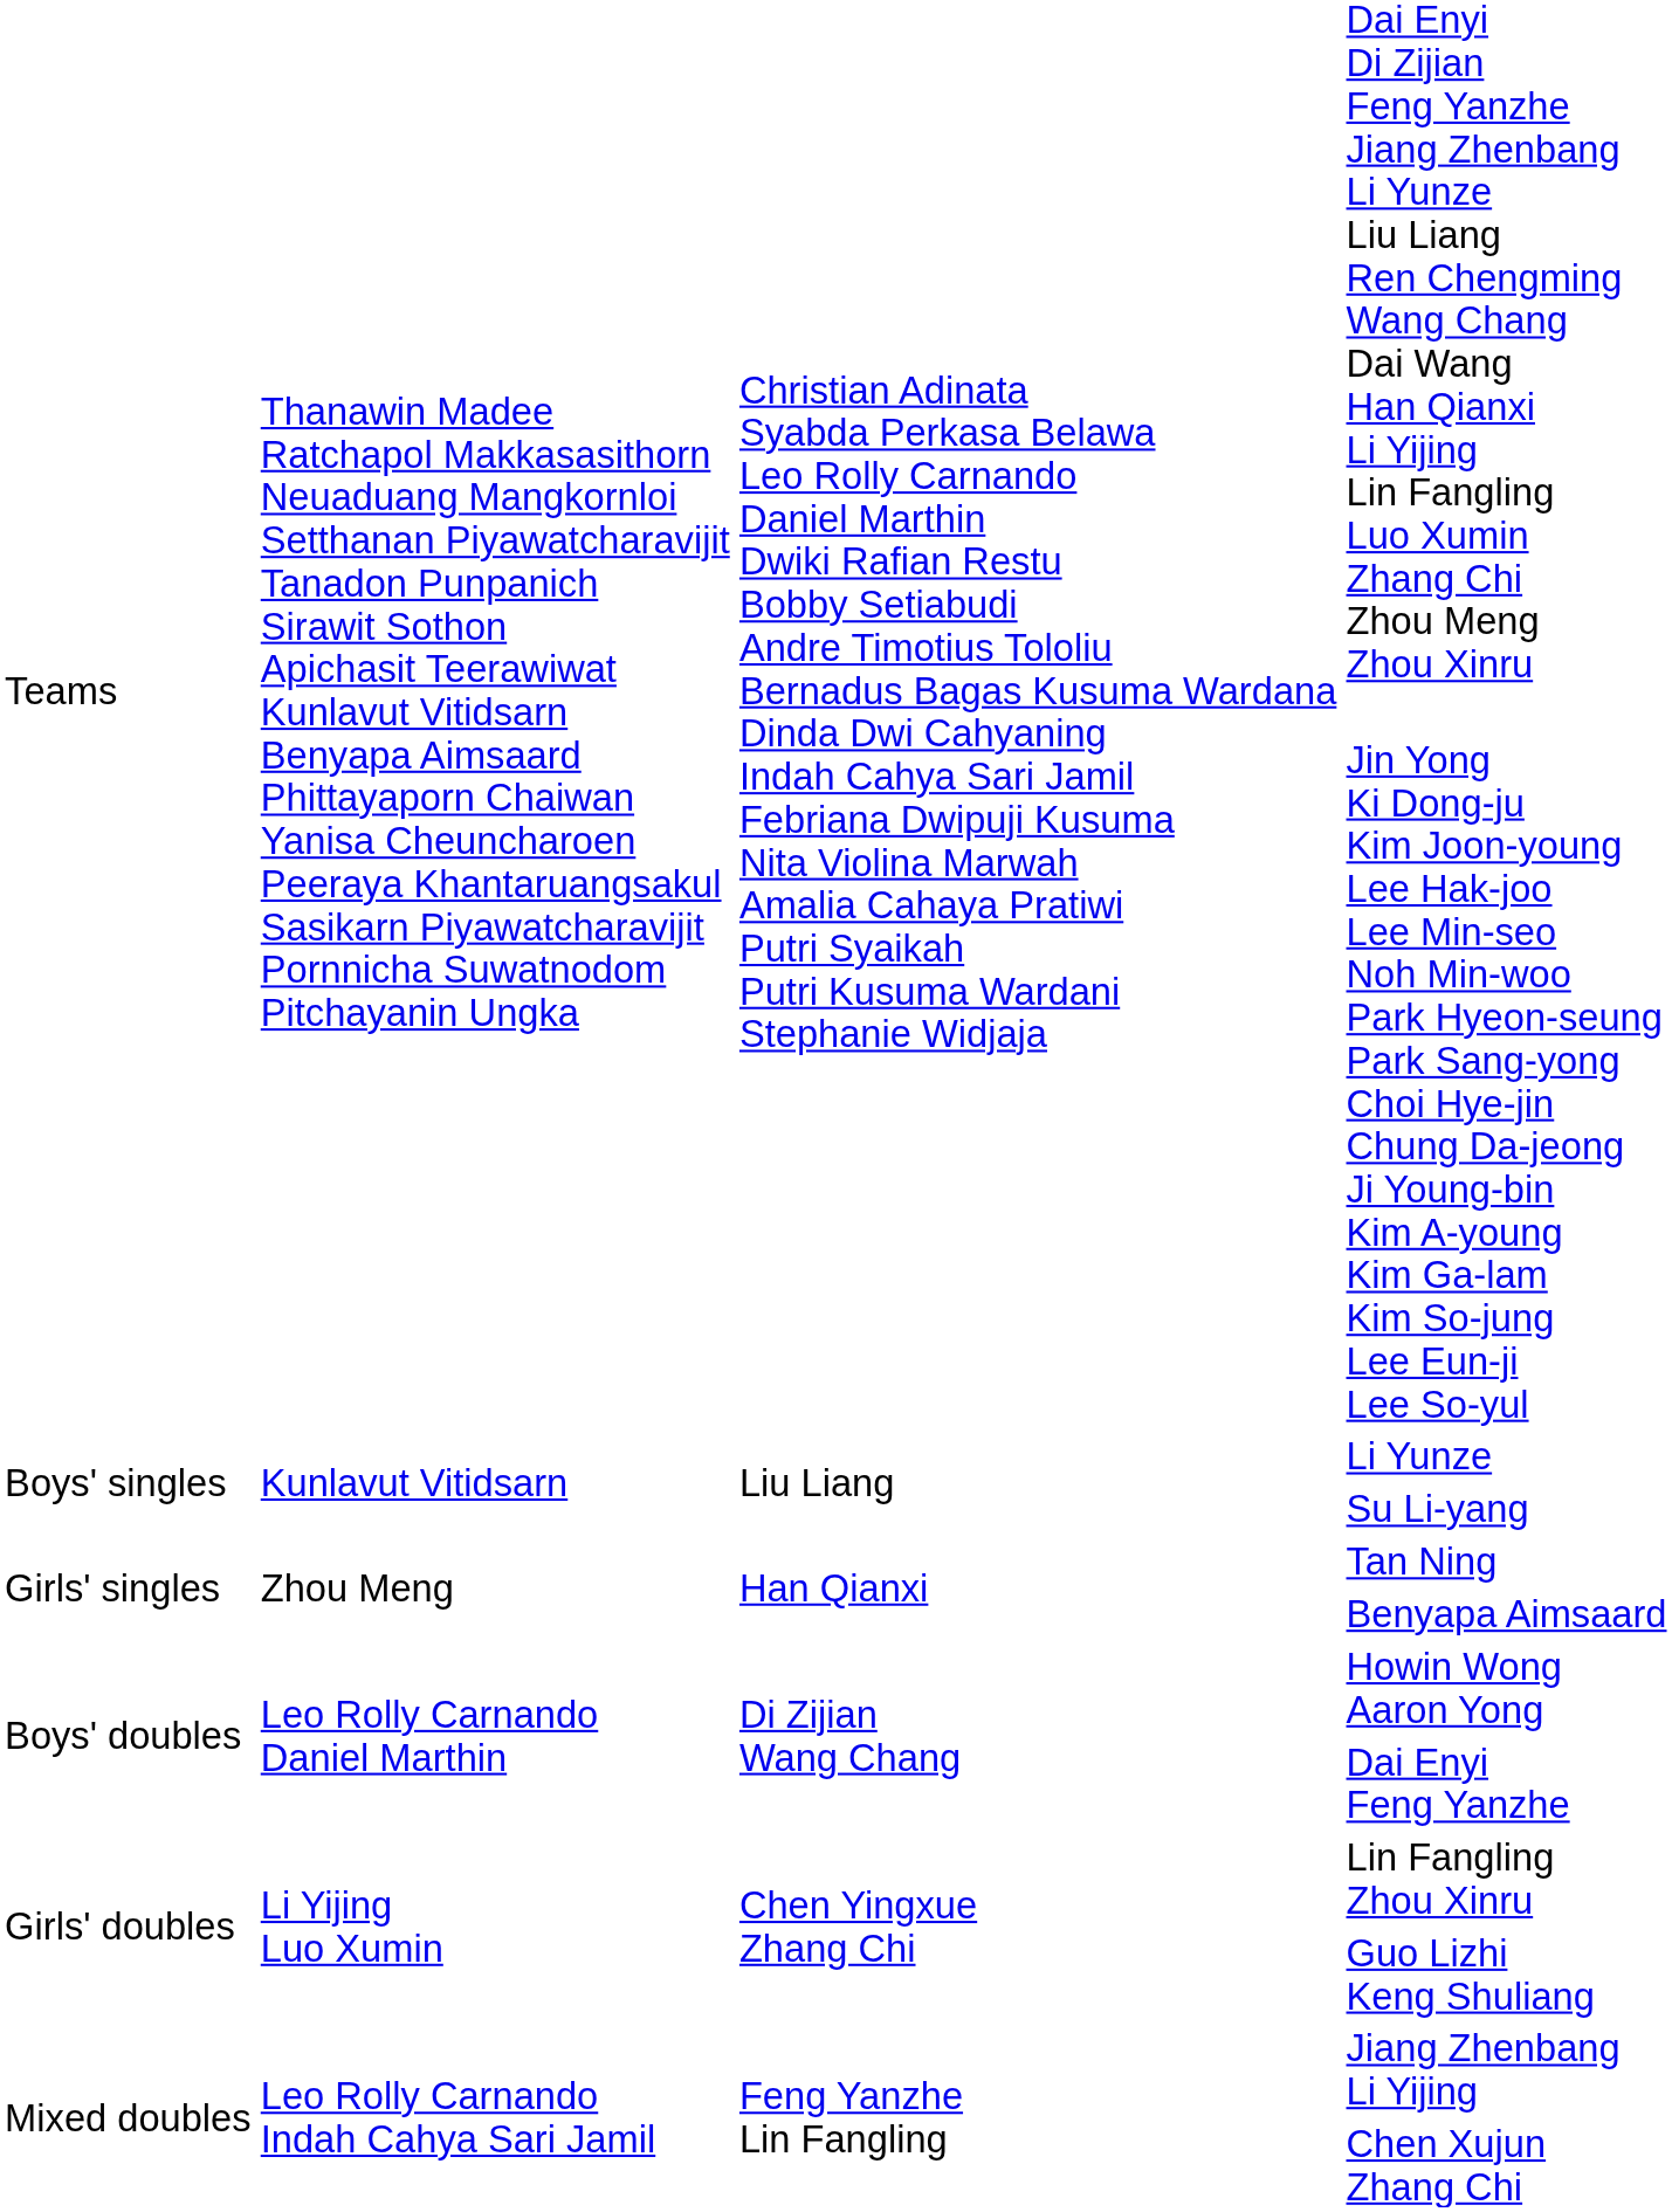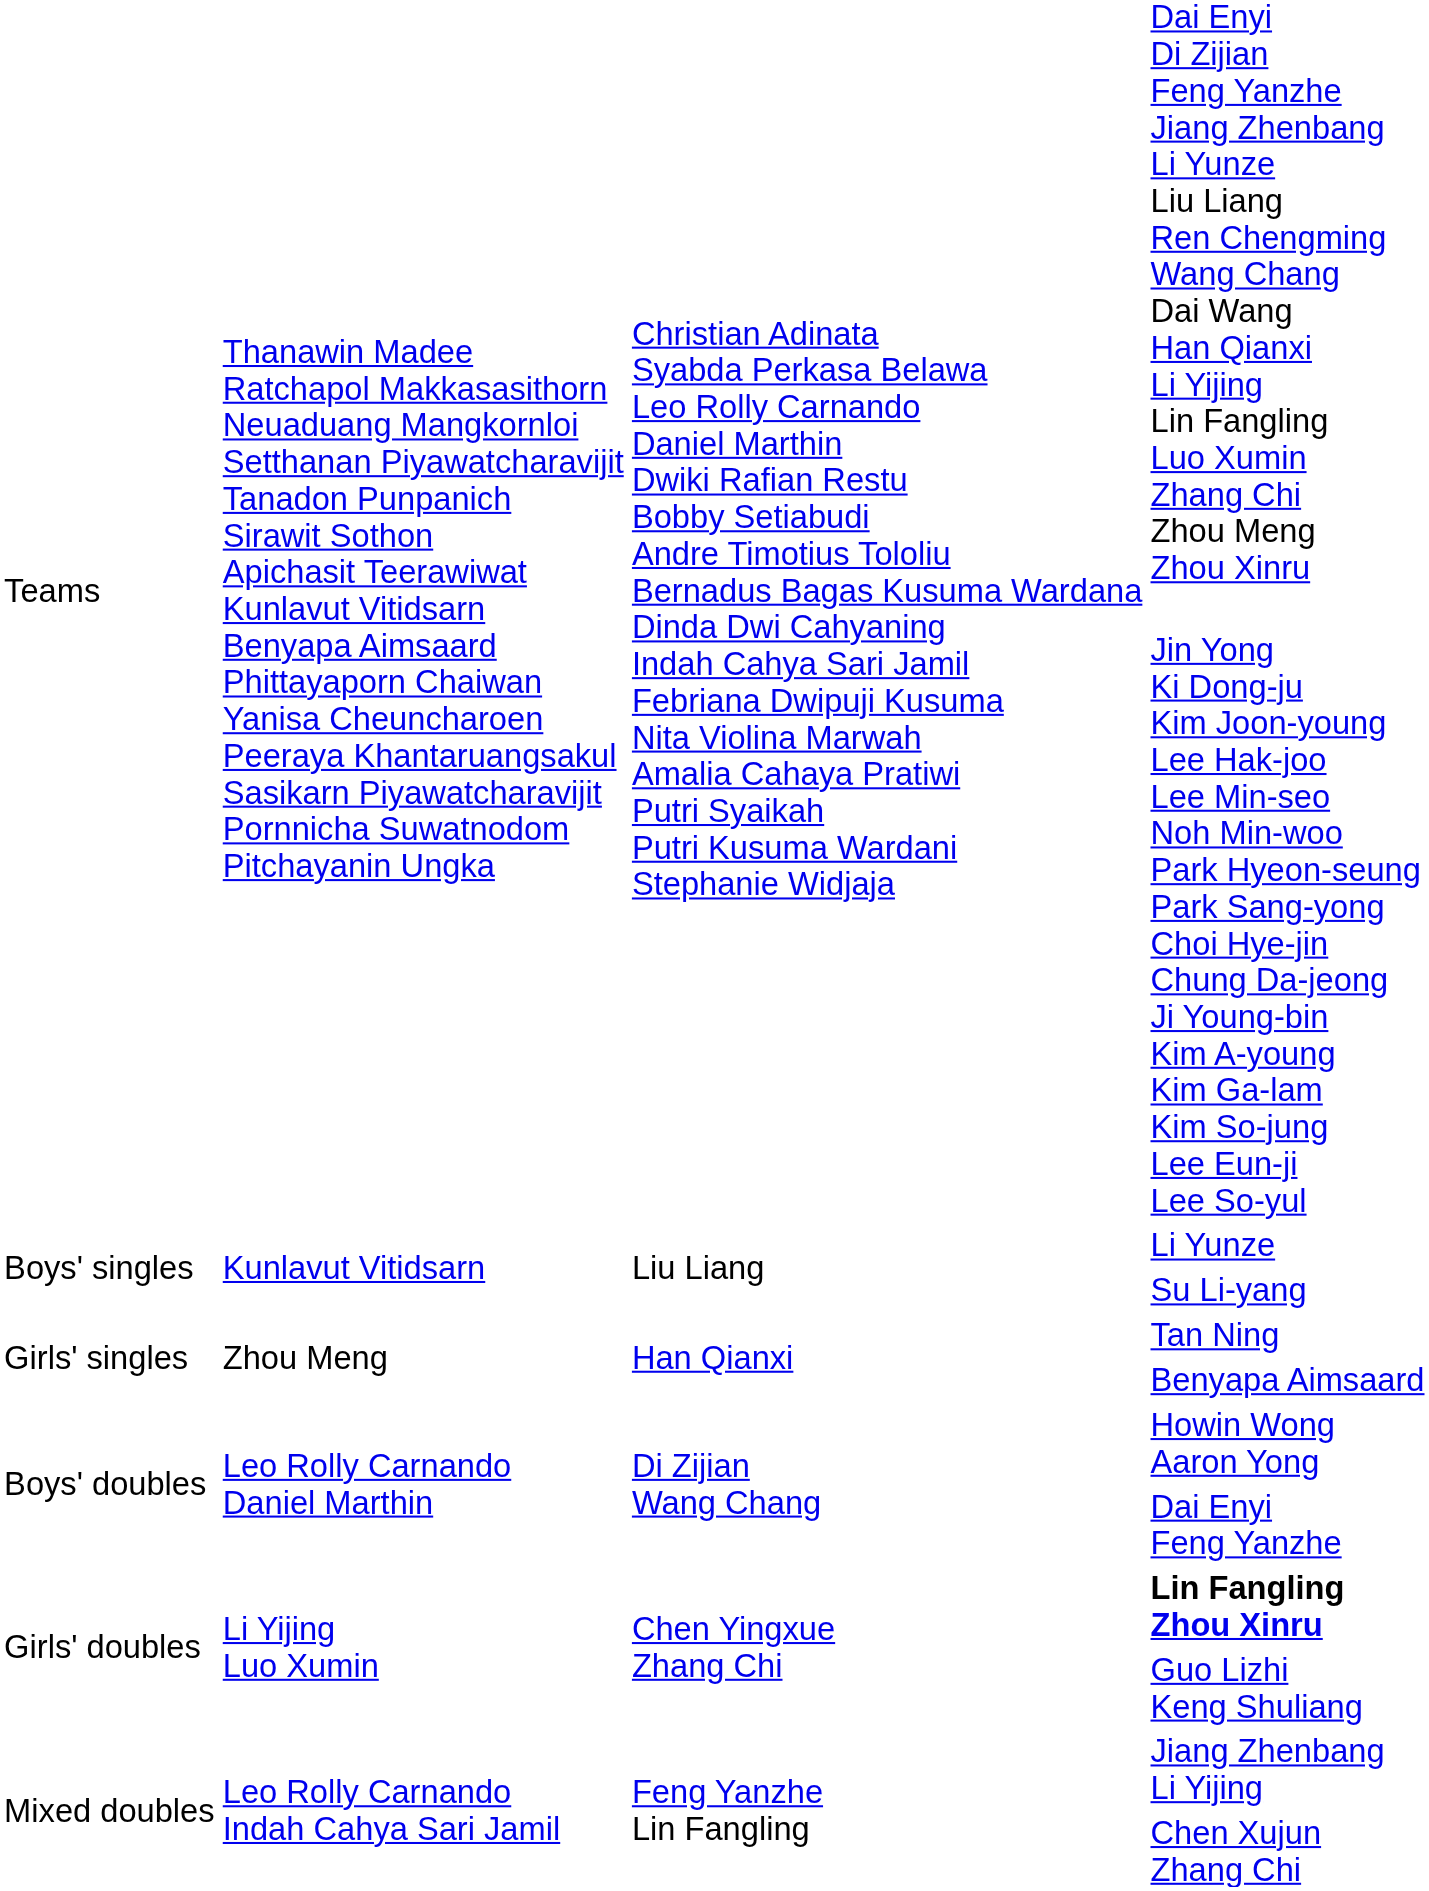 <table>
 <tr>
 <td rowspan=2>Teams</td>
 <td rowspan=2><br><a href='#'>Thanawin Madee</a><br><a href='#'>Ratchapol Makkasasithorn</a><br><a href='#'>Neuaduang Mangkornloi</a><br><a href='#'>Setthanan Piyawatcharavijit</a><br><a href='#'>Tanadon Punpanich</a><br><a href='#'>Sirawit Sothon</a><br><a href='#'>Apichasit Teerawiwat</a><br><a href='#'>Kunlavut Vitidsarn</a><br><a href='#'>Benyapa Aimsaard</a><br><a href='#'>Phittayaporn Chaiwan</a><br><a href='#'>Yanisa Cheuncharoen</a><br><a href='#'>Peeraya Khantaruangsakul</a><br><a href='#'>Sasikarn Piyawatcharavijit</a><br><a href='#'>Pornnicha Suwatnodom</a><br><a href='#'>Pitchayanin Ungka</a></td>
 <td rowspan=2><br><a href='#'>Christian Adinata</a><br><a href='#'>Syabda Perkasa Belawa</a><br><a href='#'>Leo Rolly Carnando</a><br><a href='#'>Daniel Marthin</a><br><a href='#'>Dwiki Rafian Restu</a><br><a href='#'>Bobby Setiabudi</a><br><a href='#'>Andre Timotius Tololiu</a><br><a href='#'>Bernadus Bagas Kusuma Wardana</a><br><a href='#'>Dinda Dwi Cahyaning</a><br><a href='#'>Indah Cahya Sari Jamil</a><br><a href='#'>Febriana Dwipuji Kusuma</a><br><a href='#'>Nita Violina Marwah</a><br><a href='#'>Amalia Cahaya Pratiwi</a><br><a href='#'>Putri Syaikah</a><br><a href='#'>Putri Kusuma Wardani</a><br><a href='#'>Stephanie Widjaja</a></td>
 <td> <br> <a href='#'>Dai Enyi</a><br><a href='#'>Di Zijian</a><br><a href='#'>Feng Yanzhe</a><br><a href='#'>Jiang Zhenbang</a><br><a href='#'>Li Yunze</a><br>Liu Liang<br><a href='#'>Ren Chengming</a><br><a href='#'>Wang Chang</a><br>Dai Wang<br><a href='#'>Han Qianxi</a><br><a href='#'>Li Yijing</a><br>Lin Fangling<br><a href='#'>Luo Xumin</a><br><a href='#'>Zhang Chi</a><br>Zhou Meng<br><a href='#'>Zhou Xinru</a></td>
 </tr>
 <tr>
 <td> <br> <a href='#'>Jin Yong</a><br><a href='#'>Ki Dong-ju</a><br><a href='#'>Kim Joon-young</a><br><a href='#'>Lee Hak-joo</a><br><a href='#'>Lee Min-seo</a><br><a href='#'>Noh Min-woo</a><br><a href='#'>Park Hyeon-seung</a><br><a href='#'>Park Sang-yong</a><br><a href='#'>Choi Hye-jin</a><br><a href='#'>Chung Da-jeong</a><br><a href='#'>Ji Young-bin</a><br><a href='#'>Kim A-young</a><br><a href='#'>Kim Ga-lam</a><br><a href='#'>Kim So-jung</a><br><a href='#'>Lee Eun-ji</a><br><a href='#'>Lee So-yul</a></td>
 </tr>
 <tr>
 <td rowspan=2>Boys' singles<br></td>
 <td rowspan=2> <a href='#'>Kunlavut Vitidsarn</a></td>
 <td rowspan=2> Liu Liang</td>
 <td> <a href='#'>Li Yunze</a></td>
 </tr>
 <tr>
 <td> <a href='#'>Su Li-yang</a></td>
 </tr>
 <tr>
 <td rowspan=2>Girls' singles<br></td>
 <td rowspan=2> Zhou Meng</td>
 <td rowspan=2> <a href='#'>Han Qianxi</a></td>
 <td> <a href='#'>Tan Ning</a></td>
 </tr>
 <tr>
 <td> <a href='#'>Benyapa Aimsaard</a></td>
 </tr>
 <tr>
 <td rowspan=2>Boys' doubles<br></td>
 <td rowspan=2> <a href='#'>Leo Rolly Carnando</a><br> <a href='#'>Daniel Marthin</a></td>
 <td rowspan=2> <a href='#'>Di Zijian</a><br> <a href='#'>Wang Chang</a></td>
 <td> <a href='#'>Howin Wong</a><br> <a href='#'>Aaron Yong</a></td>
 </tr>
 <tr>
 <td> <a href='#'>Dai Enyi</a><br> <a href='#'>Feng Yanzhe</a></td>
 </tr>
 <tr>
 <td rowspan=2>Girls' doubles<br></td>
 <td rowspan=2> <a href='#'>Li Yijing</a><br> <a href='#'>Luo Xumin</a></td>
 <td rowspan=2> <a href='#'>Chen Yingxue</a><br> <a href='#'>Zhang Chi</a></td>
-<td> Lin Fangling<br> <a href='#'>Zhou Xinru</a></td>
+<td><strong> Lin Fangling<br> <a href='#'>Zhou Xinru</a></strong></td>
 </tr>
 <tr>
 <td> <a href='#'>Guo Lizhi</a><br> <a href='#'>Keng Shuliang</a></td>
 </tr>
 <tr>
 <td rowspan=2>Mixed doubles<br></td>
 <td rowspan=2> <a href='#'>Leo Rolly Carnando</a><br> <a href='#'>Indah Cahya Sari Jamil</a></td>
 <td rowspan=2> <a href='#'>Feng Yanzhe</a><br> Lin Fangling</td>
 <td> <a href='#'>Jiang Zhenbang</a><br> <a href='#'>Li Yijing</a></td>
 </tr>
 <tr>
 <td> <a href='#'>Chen Xujun</a><br> <a href='#'>Zhang Chi</a></td>
 </tr>
 <tr>
 </tr>
 </table>
